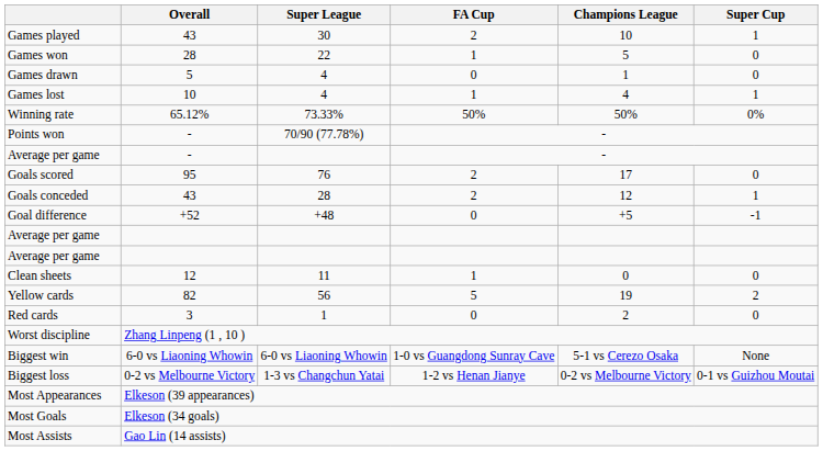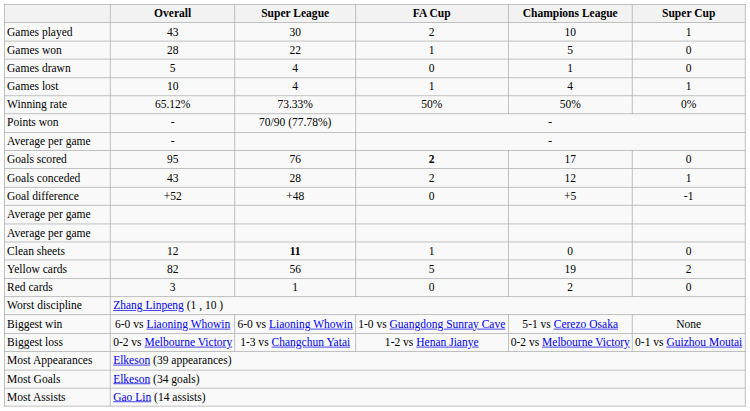 <table class="wikitable" style="text-align:center" width=65%>
 <tr>
 <th width="140"></th>
 <th>Overall</th>
 <th>Super League</th>
 <th>FA Cup</th>
 <th>Champions League</th>
 <th>Super Cup</th>
 </tr>
 <tr>
 <td align=left>Games played</td>
 <td>43</td>
 <td>30</td>
 <td>2</td>
 <td>10</td>
 <td>1</td>
 </tr>
 <tr>
 <td align=left>Games won</td>
 <td>28</td>
 <td>22</td>
 <td>1</td>
 <td>5</td>
 <td>0</td>
 </tr>
 <tr>
 <td align=left>Games drawn</td>
 <td>5</td>
 <td>4</td>
 <td>0</td>
 <td>1</td>
 <td>0</td>
 </tr>
 <tr>
 <td align=left>Games lost</td>
 <td>10</td>
 <td>4</td>
 <td>1</td>
 <td>4</td>
 <td>1</td>
 </tr>
 <tr>
 <td align=left>Winning rate</td>
 <td>65.12%</td>
 <td>73.33%</td>
 <td>50%</td>
 <td>50%</td>
 <td>0%</td>
 </tr>
 <tr>
 <td align=left>Points won</td>
 <td>-</td>
 <td>70/90 (77.78%)</td>
 <td colspan=3>-</td>
 </tr>
 <tr>
 <td align=left>Average  per game</td>
 <td>-</td>
 <td></td>
 <td colspan=3>-</td>
 </tr>
 <tr>
 <td align=left>Goals scored</td>
 <td>95</td>
 <td>76</td>
-<td>2</td>
+<td><strong>2</strong></td>
 <td>17</td>
 <td>0</td>
 </tr>
 <tr>
 <td align=left>Goals conceded</td>
 <td>43</td>
 <td>28</td>
 <td>2</td>
 <td>12</td>
 <td>1</td>
 </tr>
 <tr>
 <td align=left>Goal difference</td>
 <td>+52</td>
 <td>+48</td>
 <td>0</td>
 <td>+5</td>
 <td>-1</td>
 </tr>
 <tr>
 <td align=left>Average  per game</td>
 <td></td>
 <td></td>
 <td></td>
 <td></td>
 <td></td>
 </tr>
 <tr>
 <td align=left>Average  per game</td>
 <td></td>
 <td></td>
 <td></td>
 <td></td>
 <td></td>
 </tr>
 <tr>
 <td align=left>Clean sheets</td>
 <td>12</td>
-<td>11</td>
+<td><strong>11</strong></td>
 <td>1</td>
 <td>0</td>
 <td>0</td>
 </tr>
 <tr>
 <td align=left>Yellow cards</td>
 <td>82</td>
 <td>56</td>
 <td>5</td>
 <td>19</td>
 <td>2</td>
 </tr>
 <tr>
 <td align=left>Red cards</td>
 <td>3</td>
 <td>1</td>
 <td>0</td>
 <td>2</td>
 <td>0</td>
 </tr>
 <tr>
 <td align=left>Worst discipline</td>
 <td align=left colspan=5> <a href='#'>Zhang Linpeng</a> (1 , 10 )</td>
 </tr>
 <tr>
 <td align=left>Biggest win</td>
 <td>6-0 vs <a href='#'>Liaoning Whowin</a></td>
 <td>6-0 vs <a href='#'>Liaoning Whowin</a></td>
 <td>1-0 vs <a href='#'>Guangdong Sunray Cave</a></td>
 <td>5-1 vs <a href='#'>Cerezo Osaka</a></td>
 <td>None</td>
 </tr>
 <tr>
 <td align=left>Biggest loss</td>
 <td>0-2 vs <a href='#'>Melbourne Victory</a></td>
 <td>1-3 vs <a href='#'>Changchun Yatai</a></td>
 <td>1-2 vs <a href='#'>Henan Jianye</a></td>
 <td>0-2 vs <a href='#'>Melbourne Victory</a></td>
 <td>0-1 vs <a href='#'>Guizhou Moutai</a></td>
 </tr>
 <tr>
 <td align=left>Most Appearances</td>
 <td align=left colspan=5> <a href='#'>Elkeson</a> (39 appearances)</td>
 </tr>
 <tr>
 <td align=left>Most Goals</td>
 <td align=left colspan=5> <a href='#'>Elkeson</a> (34 goals)</td>
 </tr>
 <tr>
 <td align=left>Most Assists</td>
 <td align=left colspan=5> <a href='#'>Gao Lin</a> (14 assists)</td>
 </tr>
 </table>
